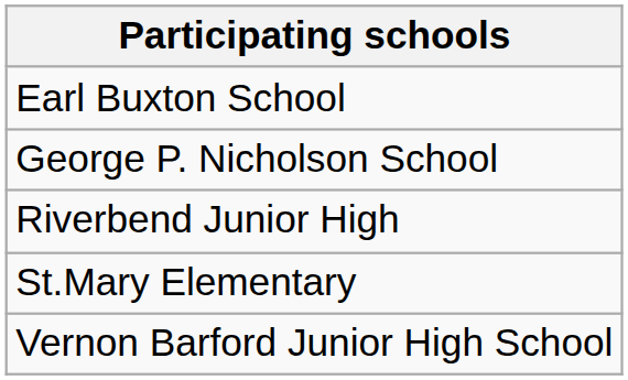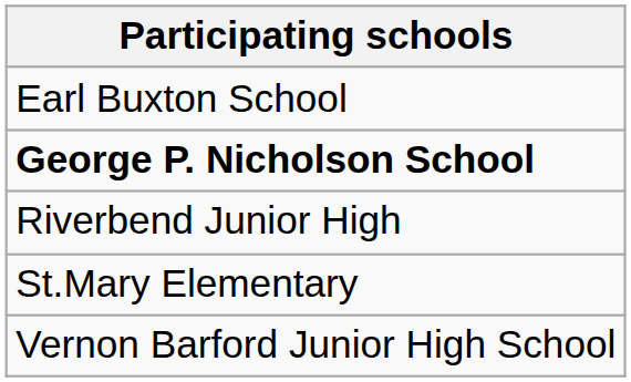 <table class="wikitable" align=right>
 <tr>
 <th>Participating schools</th>
 </tr>
 <tr>
 <td>Earl Buxton School</td>
 </tr>
 <tr>
-<td>George P. Nicholson School</td>
+<td><strong>George P. Nicholson School</strong></td>
 </tr>
 <tr>
 <td>Riverbend Junior High</td>
 </tr>
 <tr>
 <td>St.Mary Elementary</td>
 </tr>
 <tr>
 <td>Vernon Barford Junior High School</td>
 </tr>
 </table>
